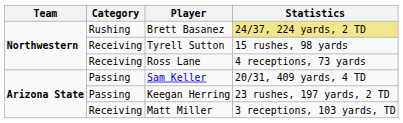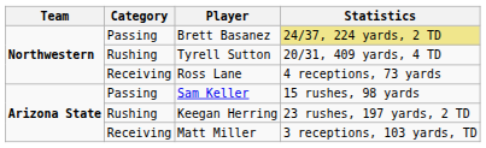 <table class="wikitable" style="float: left;">
 <tr>
 <th>Team</th>
 <th>Category</th>
 <th>Player</th>
 <th>Statistics</th>
 </tr>
 <tr>
 <td rowspan=3><strong>Northwestern</strong></td>
-<td>Rushing</td>
+<td>Passing</td>
 <td>Brett Basanez</td>
 <td style="background: khaki;">24/37, 224 yards, 2 TD</td>
 </tr>
 <tr>
-<td>Receiving</td>
+<td>Rushing</td>
 <td>Tyrell Sutton</td>
-<td>15 rushes, 98 yards</td>
+<td>20/31, 409 yards, 4 TD</td>
 </tr>
 <tr>
 <td>Receiving</td>
 <td>Ross Lane</td>
 <td>4 receptions, 73 yards</td>
 </tr>
 <tr>
 <td rowspan=3><strong>Arizona State</strong></td>
 <td>Passing</td>
 <td><a href='#'>Sam Keller</a></td>
-<td>20/31, 409 yards, 4 TD</td>
+<td>15 rushes, 98 yards</td>
 </tr>
 <tr>
-<td>Passing</td>
+<td>Rushing</td>
 <td>Keegan Herring</td>
 <td>23 rushes, 197 yards, 2 TD</td>
 </tr>
 <tr>
 <td>Receiving</td>
 <td>Matt Miller</td>
 <td>3 receptions, 103 yards, TD</td>
 </tr>
 </table>
